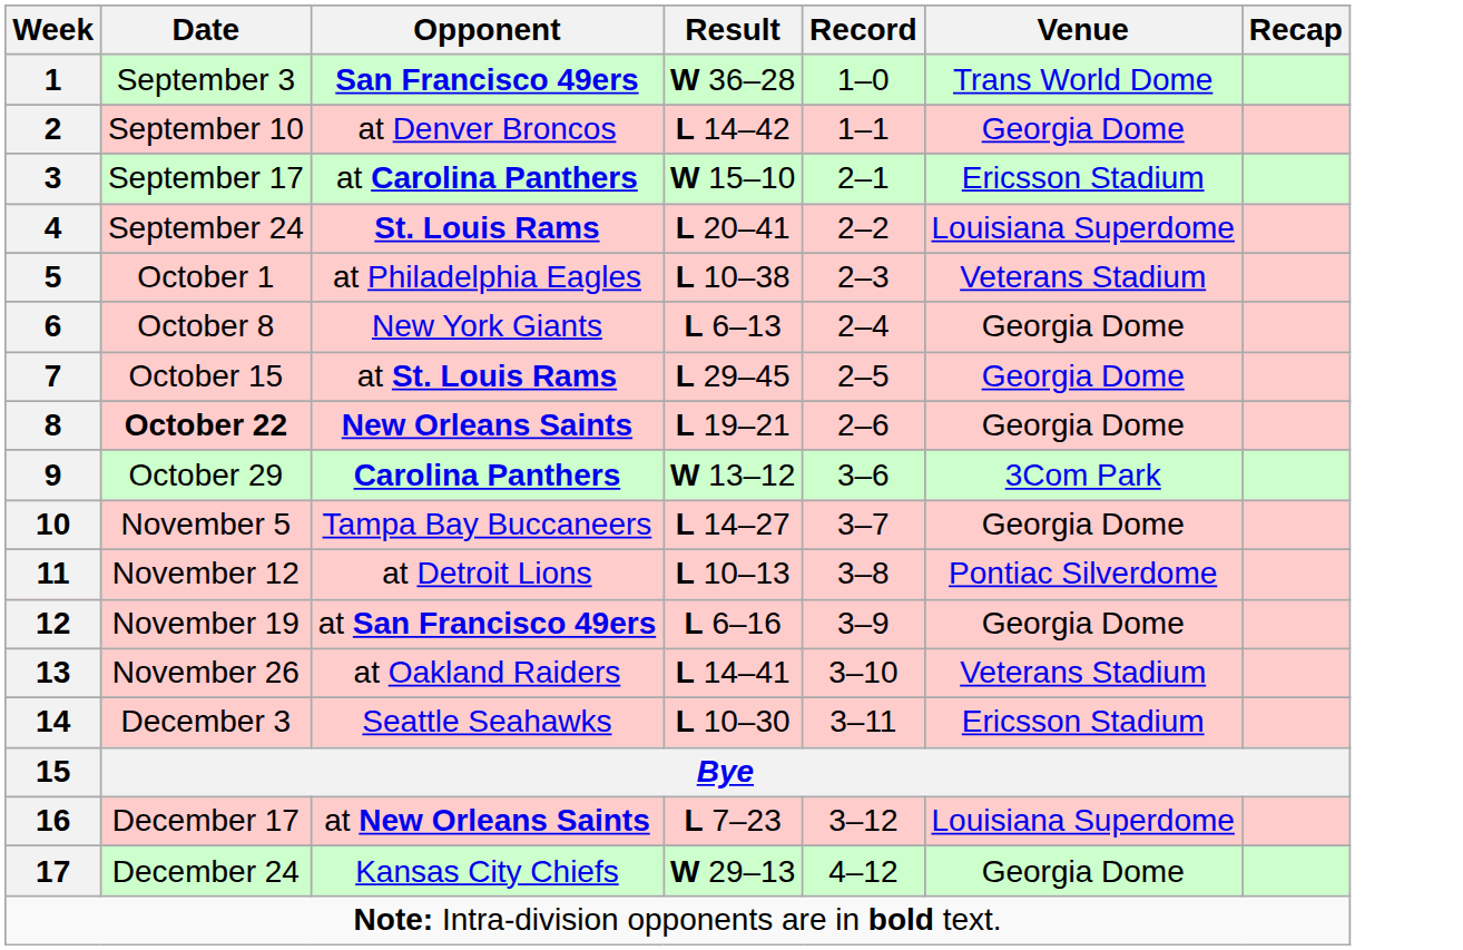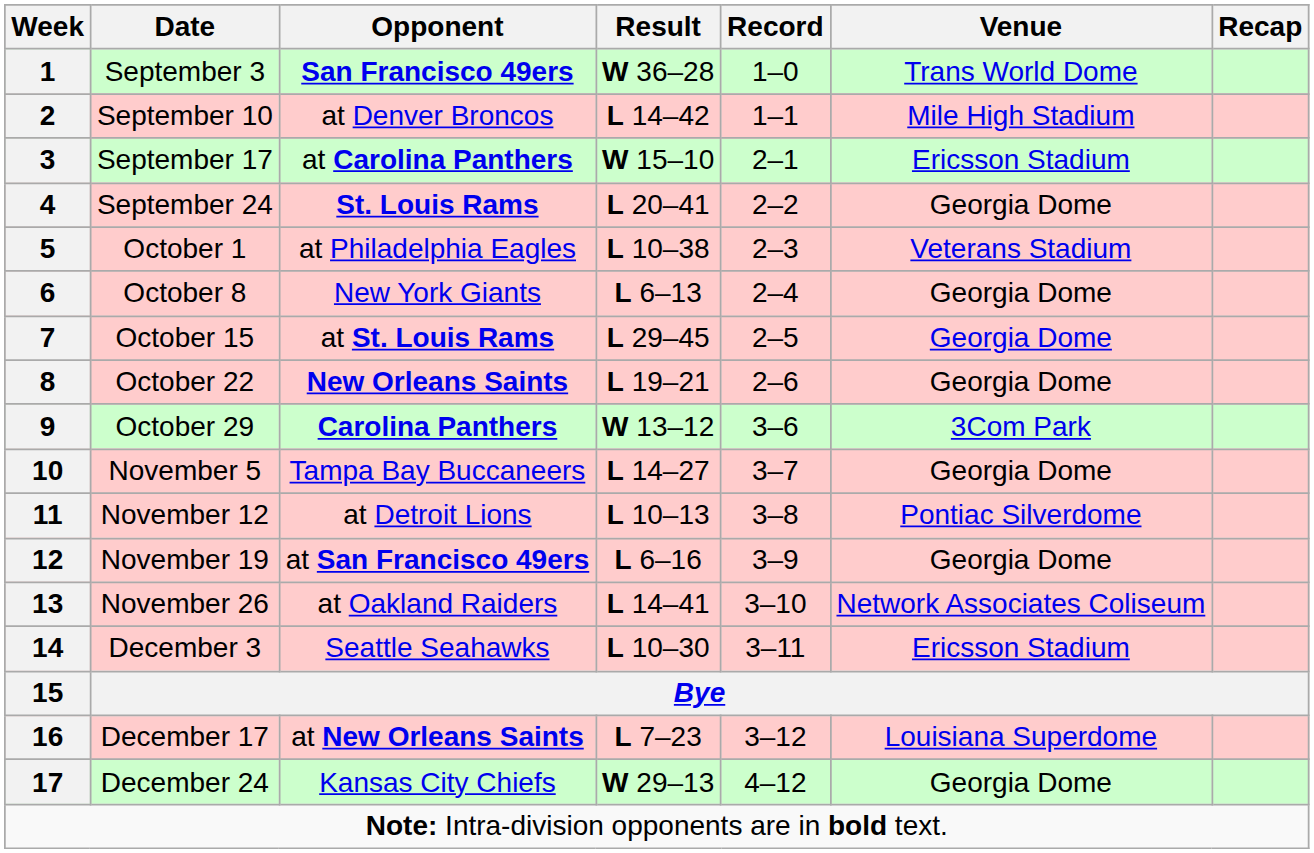 <table class="wikitable" style="text-align:center">
 <tr>
 <th>Week</th>
 <th>Date</th>
 <th>Opponent</th>
 <th>Result</th>
 <th>Record</th>
 <th>Venue</th>
 <th>Recap</th>
 </tr>
 <tr style="background:#cfc">
 <th>1</th>
 <td>September 3</td>
 <td><strong><a href='#'>San Francisco 49ers</a></strong></td>
 <td><strong>W</strong> 36–28</td>
 <td>1–0</td>
 <td><a href='#'>Trans World Dome</a></td>
 <td></td>
 </tr>
 <tr style="background:#fcc">
 <th>2</th>
 <td>September 10</td>
 <td>at <a href='#'>Denver Broncos</a></td>
 <td><strong>L</strong> 14–42</td>
 <td>1–1</td>
-<td><a href='#'>Georgia Dome</a></td>
+<td><a href='#'>Mile High Stadium</a></td>
 <td></td>
 </tr>
 <tr style="background:#cfc">
 <th>3</th>
 <td>September 17</td>
 <td>at <strong><a href='#'>Carolina Panthers</a></strong></td>
 <td><strong>W</strong> 15–10</td>
 <td>2–1</td>
 <td><a href='#'>Ericsson Stadium</a></td>
 <td></td>
 </tr>
 <tr style="background:#fcc">
 <th>4</th>
 <td>September 24</td>
 <td><strong><a href='#'>St. Louis Rams</a></strong></td>
 <td><strong>L</strong> 20–41</td>
 <td>2–2</td>
-<td><a href='#'>Louisiana Superdome</a></td>
+<td>Georgia Dome</td>
 <td></td>
 </tr>
 <tr style="background:#fcc">
 <th>5</th>
 <td>October 1</td>
 <td>at <a href='#'>Philadelphia Eagles</a></td>
 <td><strong>L</strong> 10–38</td>
 <td>2–3</td>
 <td><a href='#'>Veterans Stadium</a></td>
 <td></td>
 </tr>
 <tr style="background:#fcc">
 <th>6</th>
 <td>October 8</td>
 <td><a href='#'>New York Giants</a></td>
 <td><strong>L</strong> 6–13</td>
 <td>2–4</td>
 <td>Georgia Dome</td>
 <td></td>
 </tr>
 <tr style="background:#fcc">
 <th>7</th>
 <td>October 15</td>
 <td>at <strong><a href='#'>St. Louis Rams</a></strong></td>
 <td><strong>L</strong> 29–45</td>
 <td>2–5</td>
 <td><a href='#'>Georgia Dome</a></td>
 <td></td>
 </tr>
 <tr style="background:#fcc">
 <th>8</th>
-<td><strong>October 22</strong></td>
+<td>October 22</td>
 <td><strong><a href='#'>New Orleans Saints</a></strong></td>
 <td><strong>L</strong> 19–21</td>
 <td>2–6</td>
 <td>Georgia Dome</td>
 <td></td>
 </tr>
 <tr style="background:#cfc">
 <th>9</th>
 <td>October 29</td>
 <td><strong><a href='#'>Carolina Panthers</a></strong></td>
 <td><strong>W</strong> 13–12</td>
 <td>3–6</td>
 <td><a href='#'>3Com Park</a></td>
 <td></td>
 </tr>
 <tr style="background:#fcc">
 <th>10</th>
 <td>November 5</td>
 <td><a href='#'>Tampa Bay Buccaneers</a></td>
 <td><strong>L</strong> 14–27</td>
 <td>3–7</td>
 <td>Georgia Dome</td>
 <td></td>
 </tr>
 <tr style="background:#fcc">
 <th>11</th>
 <td>November 12</td>
 <td>at <a href='#'>Detroit Lions</a></td>
 <td><strong>L</strong> 10–13</td>
 <td>3–8</td>
 <td><a href='#'>Pontiac Silverdome</a></td>
 <td></td>
 </tr>
 <tr style="background:#fcc">
 <th>12</th>
 <td>November 19</td>
 <td>at <strong><a href='#'>San Francisco 49ers</a></strong></td>
 <td><strong>L</strong> 6–16</td>
 <td>3–9</td>
 <td>Georgia Dome</td>
 <td></td>
 </tr>
 <tr style="background:#fcc">
 <th>13</th>
 <td>November 26</td>
 <td>at <a href='#'>Oakland Raiders</a></td>
 <td><strong>L</strong> 14–41</td>
 <td>3–10</td>
-<td><a href='#'>Veterans Stadium</a></td>
+<td><a href='#'>Network Associates Coliseum</a></td>
 <td></td>
 </tr>
 <tr style="background:#fcc">
 <th>14</th>
 <td>December 3</td>
 <td><a href='#'>Seattle Seahawks</a></td>
 <td><strong>L</strong> 10–30</td>
 <td>3–11</td>
 <td><a href='#'>Ericsson Stadium</a></td>
 <td></td>
 </tr>
 <tr>
 <th>15</th>
 <th colspan=6 align="center"><em><a href='#'>Bye</a></em></th>
 </tr>
 <tr style="background:#fcc">
 <th>16</th>
 <td>December 17</td>
 <td>at <strong><a href='#'>New Orleans Saints</a></strong></td>
 <td><strong>L</strong> 7–23</td>
 <td>3–12</td>
 <td><a href='#'>Louisiana Superdome</a></td>
 <td></td>
 </tr>
 <tr style="background:#cfc">
 <th>17</th>
 <td>December 24</td>
 <td><a href='#'>Kansas City Chiefs</a></td>
 <td><strong>W</strong> 29–13</td>
 <td>4–12</td>
 <td>Georgia Dome</td>
 <td></td>
 </tr>
 <tr>
 <td colspan="7"><strong>Note:</strong> Intra-division opponents are in <strong>bold</strong> text.</td>
 </tr>
 </table>
